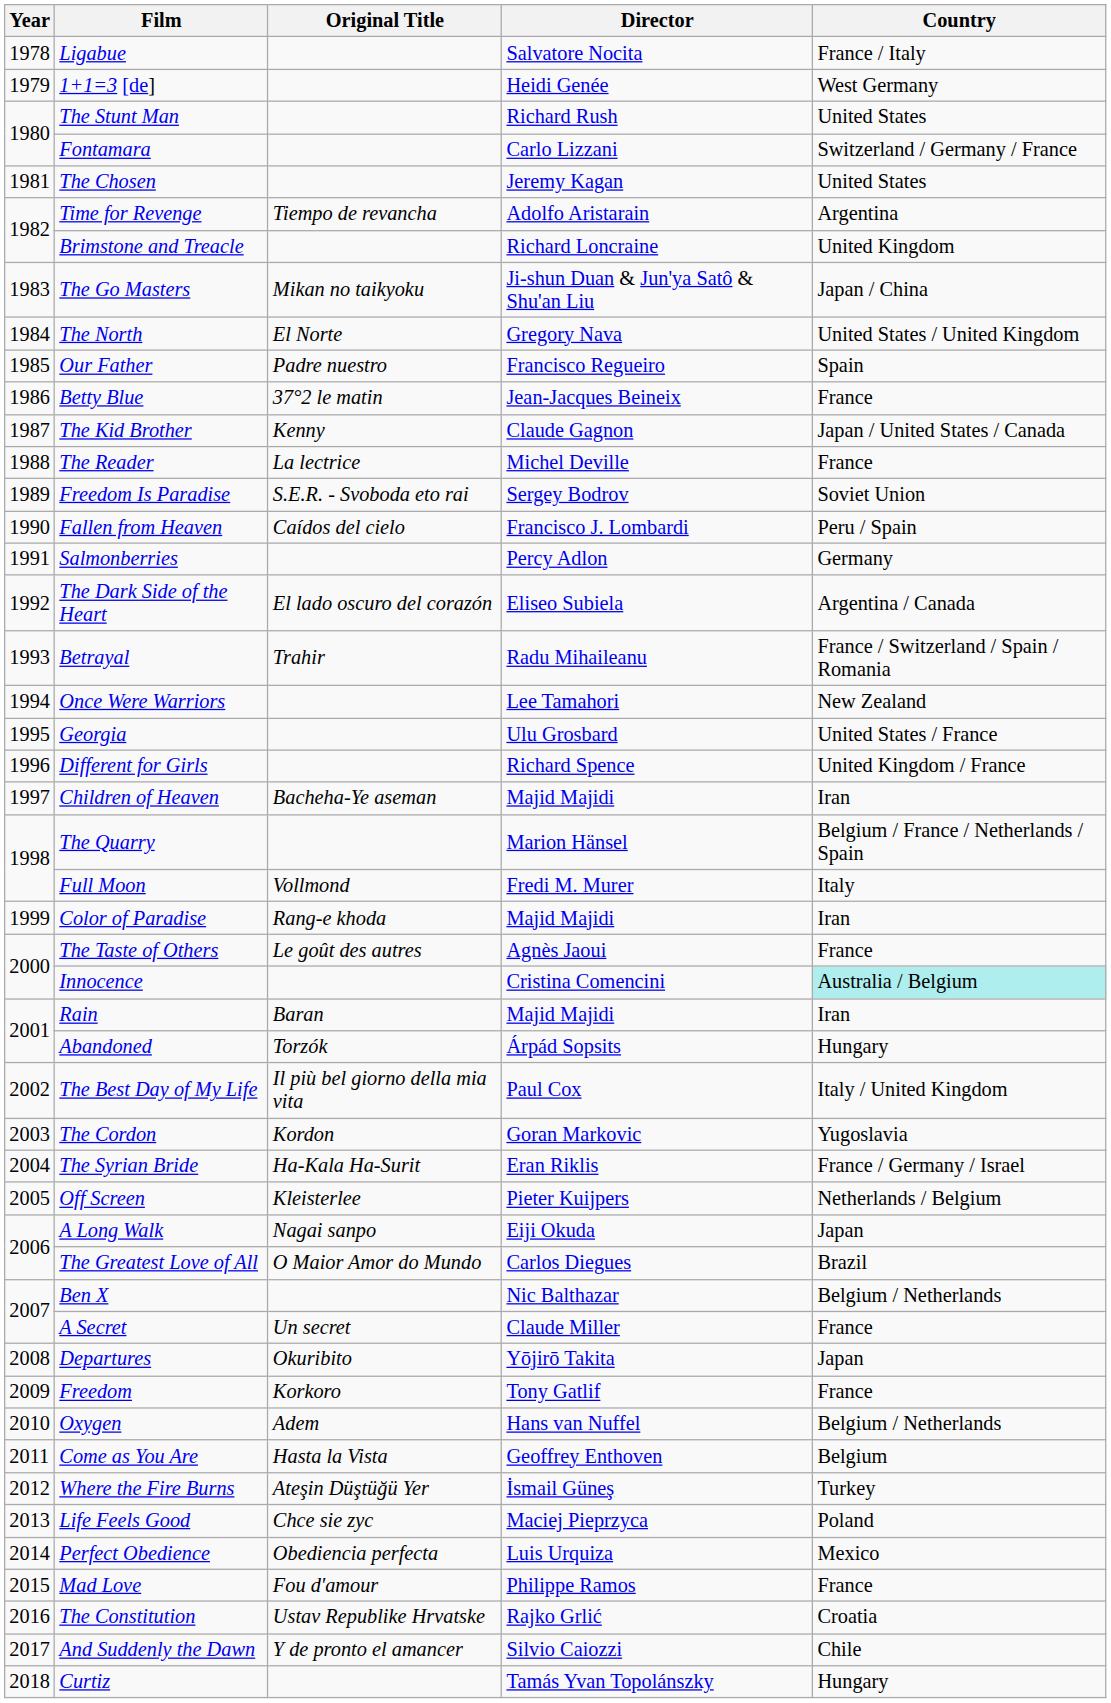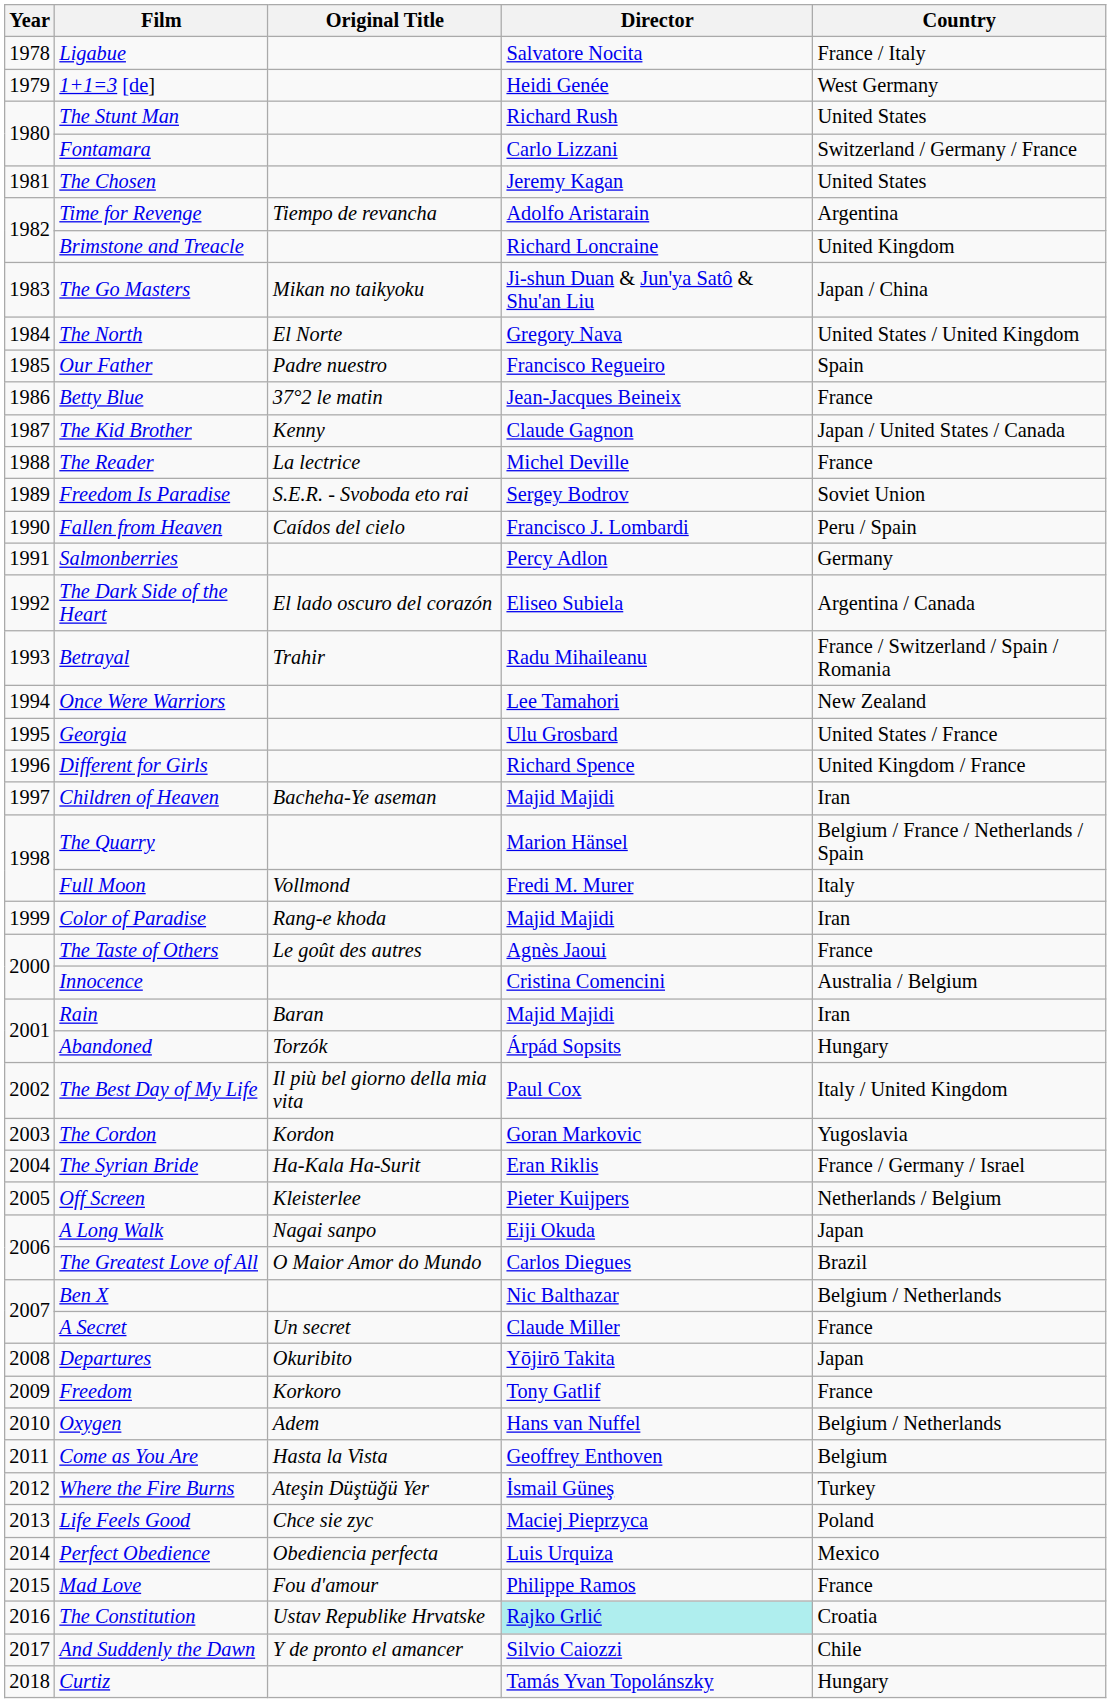 <table class="wikitable sortable">
 <tr>
 <th>Year</th>
 <th>Film</th>
 <th>Original Title</th>
 <th>Director</th>
 <th>Country</th>
 </tr>
 <tr>
 <td>1978</td>
 <td><em><a href='#'>Ligabue</a></em></td>
 <td></td>
 <td><a href='#'>Salvatore Nocita</a></td>
 <td>France / Italy</td>
 </tr>
 <tr>
 <td>1979</td>
 <td><em><a href='#'>1+1=3</a></em> <a href='#'>[de</a>]</td>
 <td></td>
 <td><a href='#'>Heidi Genée</a></td>
 <td>West Germany</td>
 </tr>
 <tr>
 <td rowspan="2">1980</td>
 <td><em><a href='#'>The Stunt Man</a></em></td>
 <td></td>
 <td><a href='#'>Richard Rush</a></td>
 <td>United States</td>
 </tr>
 <tr>
 <td><em><a href='#'>Fontamara</a></em></td>
 <td></td>
 <td><a href='#'>Carlo Lizzani</a></td>
 <td>Switzerland / Germany / France</td>
 </tr>
 <tr>
 <td>1981</td>
 <td><em><a href='#'>The Chosen</a></em></td>
 <td></td>
 <td><a href='#'>Jeremy Kagan</a></td>
 <td>United States</td>
 </tr>
 <tr>
 <td rowspan="2">1982</td>
 <td><em><a href='#'>Time for Revenge</a></em></td>
 <td><em>Tiempo de revancha</em></td>
 <td><a href='#'>Adolfo Aristarain</a></td>
 <td>Argentina</td>
 </tr>
 <tr>
 <td><em><a href='#'>Brimstone and Treacle</a></em></td>
 <td></td>
 <td><a href='#'>Richard Loncraine</a></td>
 <td>United Kingdom</td>
 </tr>
 <tr>
 <td>1983</td>
 <td><em><a href='#'>The Go Masters</a></em></td>
 <td><em>Mikan no taikyoku</em></td>
 <td><a href='#'>Ji-shun Duan</a> & <a href='#'>Jun'ya Satô</a> & <a href='#'>Shu'an Liu</a></td>
 <td>Japan / China</td>
 </tr>
 <tr>
 <td>1984</td>
 <td><em><a href='#'>The North</a></em></td>
 <td><em>El Norte</em></td>
 <td><a href='#'>Gregory Nava</a></td>
 <td>United States / United Kingdom</td>
 </tr>
 <tr>
 <td>1985</td>
 <td><em><a href='#'>Our Father</a></em></td>
 <td><em>Padre nuestro</em></td>
 <td><a href='#'>Francisco Regueiro</a></td>
 <td>Spain</td>
 </tr>
 <tr>
 <td>1986</td>
 <td><em><a href='#'>Betty Blue</a></em></td>
 <td><em>37°2 le matin</em></td>
 <td><a href='#'>Jean-Jacques Beineix</a></td>
 <td>France</td>
 </tr>
 <tr>
 <td>1987</td>
 <td><em><a href='#'>The Kid Brother</a></em></td>
 <td><em>Kenny</em></td>
 <td><a href='#'>Claude Gagnon</a></td>
 <td>Japan / United States / Canada</td>
 </tr>
 <tr>
 <td>1988</td>
 <td><em><a href='#'>The Reader</a></em></td>
 <td><em>La lectrice</em></td>
 <td><a href='#'>Michel Deville</a></td>
 <td>France</td>
 </tr>
 <tr>
 <td>1989</td>
 <td><em><a href='#'>Freedom Is Paradise</a></em></td>
 <td><em>S.E.R. - Svoboda eto rai</em></td>
 <td><a href='#'>Sergey Bodrov</a></td>
 <td>Soviet Union</td>
 </tr>
 <tr>
 <td>1990</td>
 <td><em><a href='#'>Fallen from Heaven</a></em></td>
 <td><em>Caídos del cielo</em></td>
 <td><a href='#'>Francisco J. Lombardi</a></td>
 <td>Peru / Spain</td>
 </tr>
 <tr>
 <td>1991</td>
 <td><em><a href='#'>Salmonberries</a></em></td>
 <td></td>
 <td><a href='#'>Percy Adlon</a></td>
 <td>Germany</td>
 </tr>
 <tr>
 <td>1992</td>
 <td><em><a href='#'>The Dark Side of the Heart</a></em></td>
 <td><em>El lado oscuro del corazón</em></td>
 <td><a href='#'>Eliseo Subiela</a></td>
 <td>Argentina / Canada</td>
 </tr>
 <tr>
 <td>1993</td>
 <td><em><a href='#'>Betrayal</a></em></td>
 <td><em>Trahir</em></td>
 <td><a href='#'>Radu Mihaileanu</a></td>
 <td>France / Switzerland / Spain / Romania</td>
 </tr>
 <tr>
 <td>1994</td>
 <td><em><a href='#'>Once Were Warriors</a></em></td>
 <td></td>
 <td><a href='#'>Lee Tamahori</a></td>
 <td>New Zealand</td>
 </tr>
 <tr>
 <td>1995</td>
 <td><em><a href='#'>Georgia</a></em></td>
 <td></td>
 <td><a href='#'>Ulu Grosbard</a></td>
 <td>United States / France</td>
 </tr>
 <tr>
 <td>1996</td>
 <td><em><a href='#'>Different for Girls</a></em></td>
 <td></td>
 <td><a href='#'>Richard Spence</a></td>
 <td>United Kingdom / France</td>
 </tr>
 <tr>
 <td>1997</td>
 <td><em><a href='#'>Children of Heaven</a></em></td>
 <td><em>Bacheha-Ye aseman</em></td>
 <td><a href='#'>Majid Majidi</a></td>
 <td>Iran</td>
 </tr>
 <tr>
 <td rowspan="2">1998</td>
 <td><em><a href='#'>The Quarry</a></em></td>
 <td></td>
 <td><a href='#'>Marion Hänsel</a></td>
 <td>Belgium / France / Netherlands / Spain</td>
 </tr>
 <tr>
 <td><em><a href='#'>Full Moon</a></em></td>
 <td><em>Vollmond</em></td>
 <td><a href='#'>Fredi M. Murer</a></td>
 <td>Italy</td>
 </tr>
 <tr>
 <td>1999</td>
 <td><em><a href='#'>Color of Paradise</a></em></td>
 <td><em>Rang-e khoda</em></td>
 <td><a href='#'>Majid Majidi</a></td>
 <td>Iran</td>
 </tr>
 <tr>
 <td rowspan="2">2000</td>
 <td><em><a href='#'>The Taste of Others</a></em></td>
 <td><em>Le goût des autres</em></td>
 <td><a href='#'>Agnès Jaoui</a></td>
 <td>France</td>
 </tr>
 <tr>
 <td><em><a href='#'>Innocence</a></em></td>
 <td></td>
 <td><a href='#'>Cristina Comencini</a></td>
-<td style="background: paleturquoise;">Australia / Belgium</td>
+<td>Australia / Belgium</td>
 </tr>
 <tr>
 <td rowspan="2">2001</td>
 <td><em><a href='#'>Rain</a></em></td>
 <td><em>Baran</em></td>
 <td><a href='#'>Majid Majidi</a></td>
 <td>Iran</td>
 </tr>
 <tr>
 <td><em><a href='#'>Abandoned</a></em></td>
 <td><em>Torzók</em></td>
 <td><a href='#'>Árpád Sopsits</a></td>
 <td>Hungary</td>
 </tr>
 <tr>
 <td>2002</td>
 <td><em><a href='#'>The Best Day of My Life</a></em></td>
 <td><em>Il più bel giorno della mia vita</em></td>
 <td><a href='#'>Paul Cox</a></td>
 <td>Italy / United Kingdom</td>
 </tr>
 <tr>
 <td>2003</td>
 <td><em><a href='#'>The Cordon</a></em></td>
 <td><em>Kordon</em></td>
 <td><a href='#'>Goran Markovic</a></td>
 <td>Yugoslavia</td>
 </tr>
 <tr>
 <td>2004</td>
 <td><em><a href='#'>The Syrian Bride</a></em></td>
 <td><em>Ha-Kala Ha-Surit</em></td>
 <td><a href='#'>Eran Riklis</a></td>
 <td>France / Germany / Israel</td>
 </tr>
 <tr>
 <td>2005</td>
 <td><em><a href='#'>Off Screen</a></em></td>
 <td><em>Kleisterlee</em></td>
 <td><a href='#'>Pieter Kuijpers</a></td>
 <td>Netherlands / Belgium</td>
 </tr>
 <tr>
 <td rowspan="2">2006</td>
 <td><em><a href='#'>A Long Walk</a></em></td>
 <td><em>Nagai sanpo</em></td>
 <td><a href='#'>Eiji Okuda</a></td>
 <td>Japan</td>
 </tr>
 <tr>
 <td><em><a href='#'>The Greatest Love of All</a></em></td>
 <td><em>O Maior Amor do Mundo</em></td>
 <td><a href='#'>Carlos Diegues</a></td>
 <td>Brazil</td>
 </tr>
 <tr>
 <td rowspan="2">2007</td>
 <td><em><a href='#'>Ben X</a></em></td>
 <td></td>
 <td><a href='#'>Nic Balthazar</a></td>
 <td>Belgium / Netherlands</td>
 </tr>
 <tr>
 <td><em><a href='#'>A Secret</a></em></td>
 <td><em>Un secret</em></td>
 <td><a href='#'>Claude Miller</a></td>
 <td>France</td>
 </tr>
 <tr>
 <td>2008</td>
 <td><em><a href='#'>Departures</a></em></td>
 <td><em>Okuribito</em></td>
 <td><a href='#'>Yōjirō Takita</a></td>
 <td>Japan</td>
 </tr>
 <tr>
 <td>2009</td>
 <td><em><a href='#'>Freedom</a></em></td>
 <td><em>Korkoro</em></td>
 <td><a href='#'>Tony Gatlif</a></td>
 <td>France</td>
 </tr>
 <tr>
 <td>2010</td>
 <td><em><a href='#'>Oxygen</a></em></td>
 <td><em>Adem</em></td>
 <td><a href='#'>Hans van Nuffel</a></td>
 <td>Belgium / Netherlands</td>
 </tr>
 <tr>
 <td>2011</td>
 <td><em><a href='#'>Come as You Are</a></em></td>
 <td><em>Hasta la Vista</em></td>
 <td><a href='#'>Geoffrey Enthoven</a></td>
 <td>Belgium</td>
 </tr>
 <tr>
 <td>2012</td>
 <td><em><a href='#'>Where the Fire Burns</a></em></td>
 <td><em>Ateşin Düştüğü Yer</em></td>
 <td><a href='#'>İsmail Güneş</a></td>
 <td>Turkey</td>
 </tr>
 <tr>
 <td>2013</td>
 <td><em><a href='#'>Life Feels Good</a></em></td>
 <td><em>Chce sie zyc</em></td>
 <td><a href='#'>Maciej Pieprzyca</a></td>
 <td>Poland</td>
 </tr>
 <tr>
 <td>2014</td>
 <td><em><a href='#'>Perfect Obedience</a></em></td>
 <td><em>Obediencia perfecta</em></td>
 <td><a href='#'>Luis Urquiza</a></td>
 <td>Mexico</td>
 </tr>
 <tr>
 <td>2015</td>
 <td><em><a href='#'>Mad Love</a></em></td>
 <td><em>Fou d'amour</em></td>
 <td><a href='#'>Philippe Ramos</a></td>
 <td>France</td>
 </tr>
 <tr>
 <td>2016</td>
 <td><em><a href='#'>The Constitution</a></em></td>
 <td><em>Ustav Republike Hrvatske</em></td>
-<td><a href='#'>Rajko Grlić</a></td>
+<td style="background: paleturquoise;"><a href='#'>Rajko Grlić</a></td>
 <td>Croatia</td>
 </tr>
 <tr>
 <td>2017</td>
 <td><em><a href='#'>And Suddenly the Dawn</a></em></td>
 <td><em>Y de pronto el amancer</em></td>
 <td><a href='#'>Silvio Caiozzi</a></td>
 <td>Chile</td>
 </tr>
 <tr>
 <td>2018</td>
 <td><em><a href='#'>Curtiz</a></em></td>
 <td></td>
 <td><a href='#'>Tamás Yvan Topolánszky</a></td>
 <td>Hungary</td>
 </tr>
 </table>
